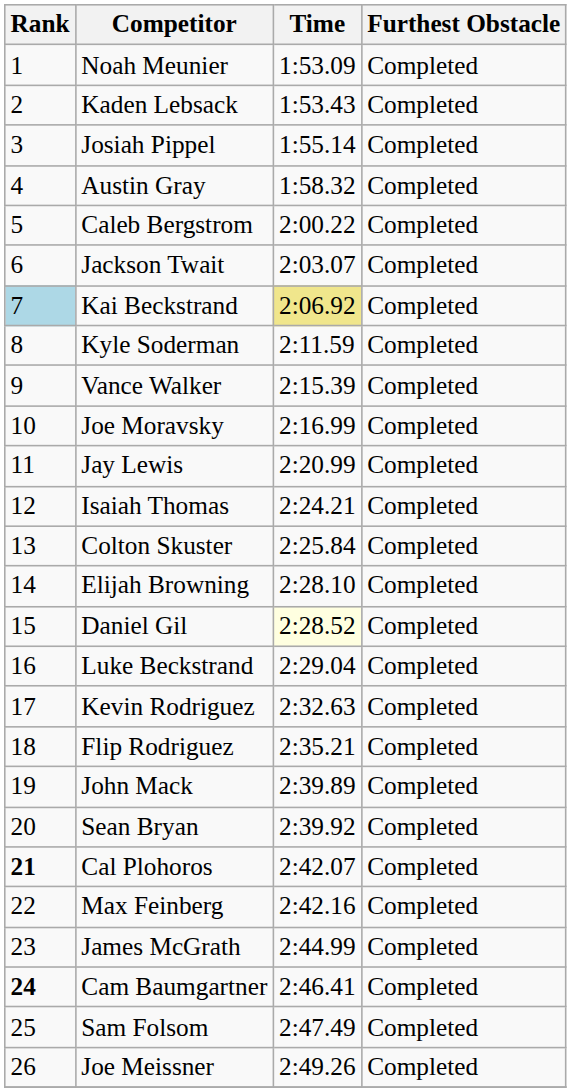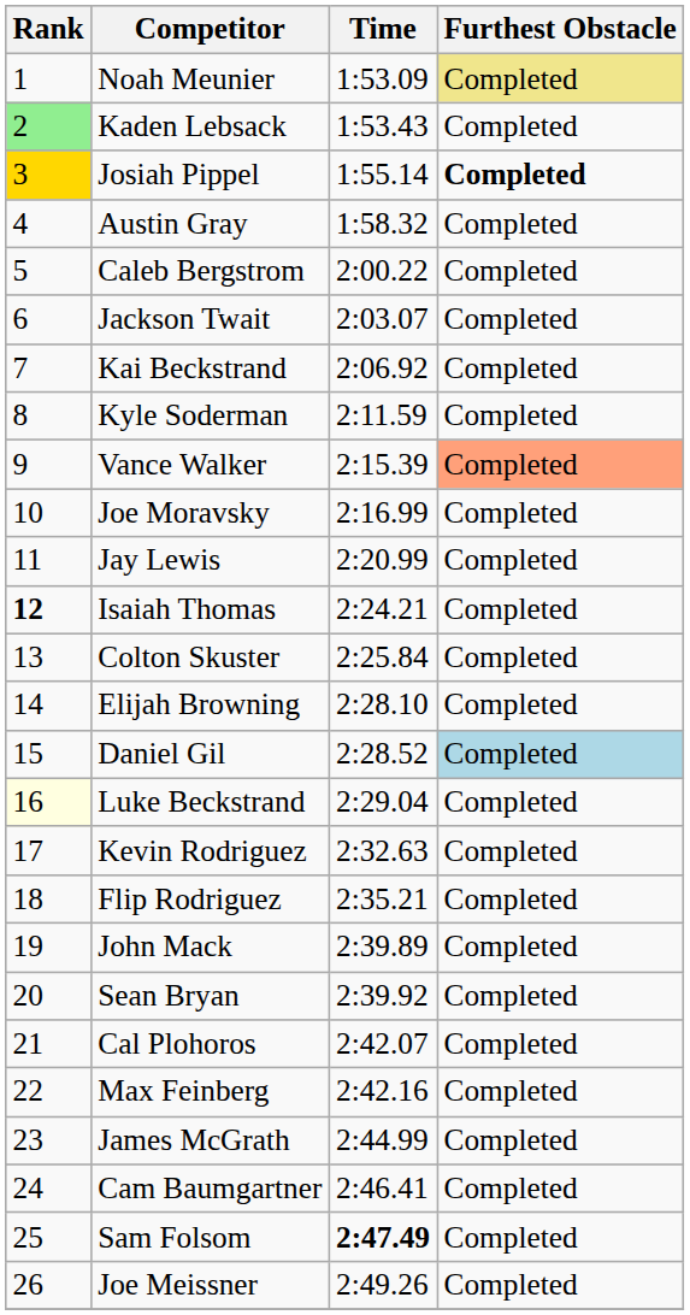 <table class="wikitable sortable mw-collapsible">
 <tr>
 <th>Rank</th>
 <th>Competitor</th>
 <th>Time</th>
 <th>Furthest Obstacle</th>
 </tr>
 <tr>
 <td>1</td>
 <td>Noah Meunier</td>
 <td>1:53.09</td>
-<td>Completed</td>
+<td style="background: khaki;">Completed</td>
 </tr>
 <tr>
-<td>2</td>
+<td style="background: lightgreen;">2</td>
 <td>Kaden Lebsack</td>
 <td>1:53.43</td>
 <td>Completed</td>
 </tr>
 <tr>
-<td>3</td>
+<td style="background: gold;">3</td>
 <td>Josiah Pippel</td>
 <td>1:55.14</td>
-<td>Completed</td>
+<td><strong>Completed</strong></td>
 </tr>
 <tr>
 <td>4</td>
 <td>Austin Gray</td>
 <td>1:58.32</td>
 <td>Completed</td>
 </tr>
 <tr>
 <td>5</td>
 <td>Caleb Bergstrom</td>
 <td>2:00.22</td>
 <td>Completed</td>
 </tr>
 <tr>
 <td>6</td>
 <td>Jackson Twait</td>
 <td>2:03.07</td>
 <td>Completed</td>
 </tr>
 <tr>
-<td style="background: lightblue;">7</td>
+<td>7</td>
 <td>Kai Beckstrand</td>
-<td style="background: khaki;">2:06.92</td>
+<td>2:06.92</td>
 <td>Completed</td>
 </tr>
 <tr>
 <td>8</td>
 <td>Kyle Soderman</td>
 <td>2:11.59</td>
 <td>Completed</td>
 </tr>
 <tr>
 <td>9</td>
 <td>Vance Walker</td>
 <td>2:15.39</td>
-<td>Completed</td>
+<td style="background: lightsalmon;">Completed</td>
 </tr>
 <tr>
 <td>10</td>
 <td>Joe Moravsky</td>
 <td>2:16.99</td>
 <td>Completed</td>
 </tr>
 <tr>
 <td>11</td>
 <td>Jay Lewis</td>
 <td>2:20.99</td>
 <td>Completed</td>
 </tr>
 <tr>
-<td>12</td>
+<td><strong>12</strong></td>
 <td>Isaiah Thomas</td>
 <td>2:24.21</td>
 <td>Completed</td>
 </tr>
 <tr>
 <td>13</td>
 <td>Colton Skuster</td>
 <td>2:25.84</td>
 <td>Completed</td>
 </tr>
 <tr>
 <td>14</td>
 <td>Elijah Browning</td>
 <td>2:28.10</td>
 <td>Completed</td>
 </tr>
 <tr>
 <td>15</td>
 <td>Daniel Gil</td>
-<td style="background: lightyellow;">2:28.52</td>
-<td>Completed</td>
+<td>2:28.52</td>
+<td style="background: lightblue;">Completed</td>
 </tr>
 <tr>
-<td>16</td>
+<td style="background: lightyellow;">16</td>
 <td>Luke Beckstrand</td>
 <td>2:29.04</td>
 <td>Completed</td>
 </tr>
 <tr>
 <td>17</td>
 <td>Kevin Rodriguez</td>
 <td>2:32.63</td>
 <td>Completed</td>
 </tr>
 <tr>
 <td>18</td>
 <td>Flip Rodriguez</td>
 <td>2:35.21</td>
 <td>Completed</td>
 </tr>
 <tr>
 <td>19</td>
 <td>John Mack</td>
 <td>2:39.89</td>
 <td>Completed</td>
 </tr>
 <tr>
 <td>20</td>
 <td>Sean Bryan</td>
 <td>2:39.92</td>
 <td>Completed</td>
 </tr>
 <tr>
-<td><strong>21</strong></td>
+<td>21</td>
 <td>Cal Plohoros</td>
 <td>2:42.07</td>
 <td>Completed</td>
 </tr>
 <tr>
 <td>22</td>
 <td>Max Feinberg</td>
 <td>2:42.16</td>
 <td>Completed</td>
 </tr>
 <tr>
 <td>23</td>
 <td>James McGrath</td>
 <td>2:44.99</td>
 <td>Completed</td>
 </tr>
 <tr>
-<td><strong>24</strong></td>
+<td>24</td>
 <td>Cam Baumgartner</td>
 <td>2:46.41</td>
 <td>Completed</td>
 </tr>
 <tr>
 <td>25</td>
 <td>Sam Folsom</td>
-<td>2:47.49</td>
+<td><strong>2:47.49</strong></td>
 <td>Completed</td>
 </tr>
 <tr>
 <td>26</td>
 <td>Joe Meissner</td>
 <td>2:49.26</td>
 <td>Completed</td>
 </tr>
 <tr>
 </tr>
 </table>
